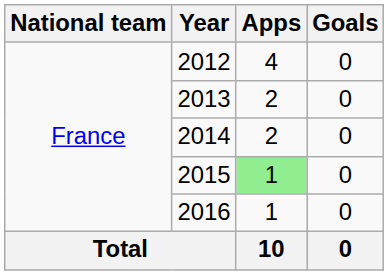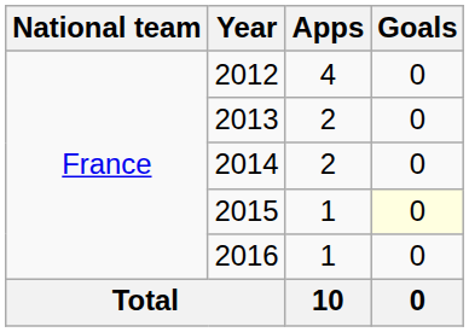 <table class="wikitable" style="text-align:center">
 <tr>
 <th>National team</th>
 <th>Year</th>
 <th>Apps</th>
 <th>Goals</th>
 </tr>
 <tr>
 <td rowspan="5"><a href='#'>France</a></td>
 <td>2012</td>
 <td>4</td>
 <td>0</td>
 </tr>
 <tr>
 <td>2013</td>
 <td>2</td>
 <td>0</td>
 </tr>
 <tr>
 <td>2014</td>
 <td>2</td>
 <td>0</td>
 </tr>
 <tr>
 <td>2015</td>
-<td style="background: lightgreen;">1</td>
-<td>0</td>
+<td>1</td>
+<td style="background: lightyellow;">0</td>
 </tr>
 <tr>
 <td>2016</td>
 <td>1</td>
 <td>0</td>
 </tr>
 <tr>
 <th colspan="2">Total</th>
 <th>10</th>
 <th>0</th>
 </tr>
 </table>
